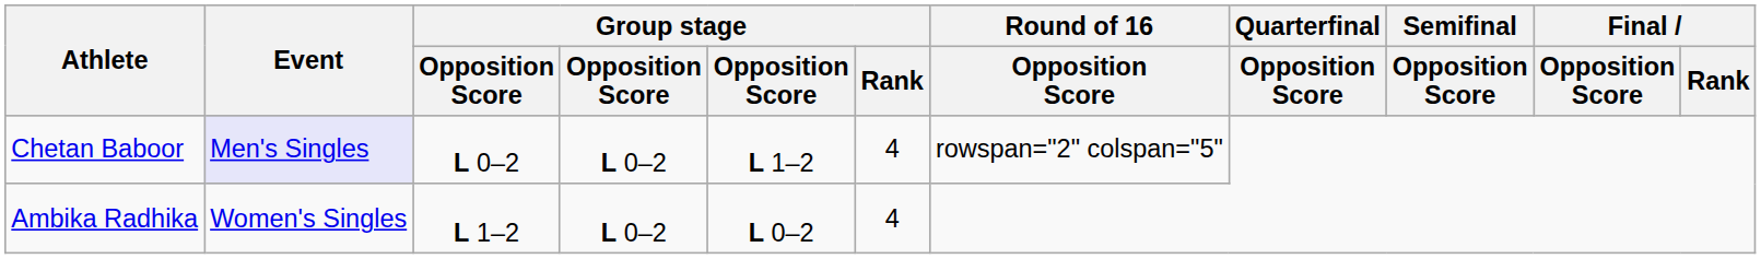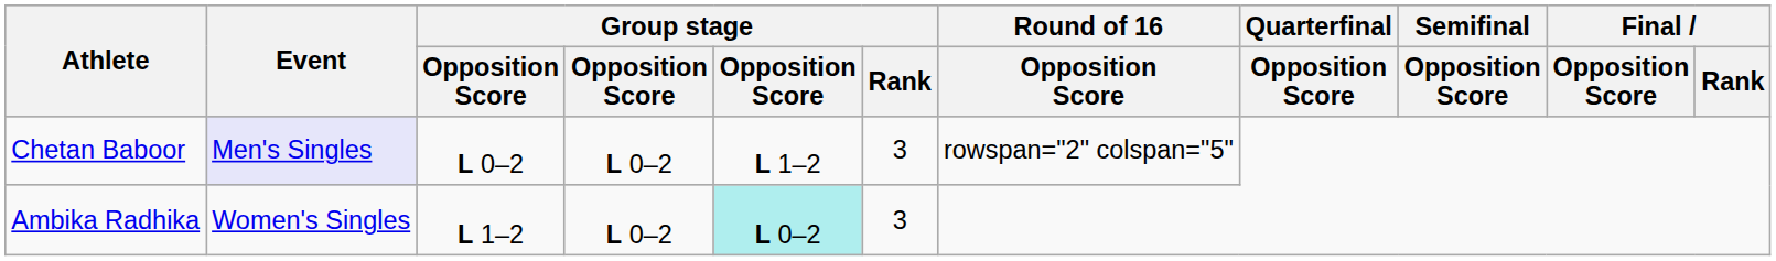 <table class="wikitable" style="font-size:90%">
 <tr>
 <th rowspan=2>Athlete</th>
 <th rowspan=2>Event</th>
 <th colspan=4>Group stage</th>
 <th>Round of 16</th>
 <th>Quarterfinal</th>
 <th>Semifinal</th>
 <th colspan=2>Final / </th>
 </tr>
 <tr>
 <th>Opposition<br>Score</th>
 <th>Opposition<br>Score</th>
 <th>Opposition<br>Score</th>
 <th>Rank</th>
 <th>Opposition<br>Score</th>
 <th>Opposition<br>Score</th>
 <th>Opposition<br>Score</th>
 <th>Opposition<br>Score</th>
 <th>Rank</th>
 </tr>
 <tr align="center">
 <td align=left><a href='#'>Chetan Baboor</a></td>
 <td align=left style="background: lavender;"><a href='#'>Men's Singles</a></td>
 <td><br> <strong>L</strong> 0–2</td>
 <td><br> <strong>L</strong> 0–2</td>
 <td><br> <strong>L</strong> 1–2</td>
-<td>4</td>
+<td>3</td>
 <td>rowspan="2" colspan="5" </td>
 </tr>
 <tr align="center">
 <td align=left><a href='#'>Ambika Radhika</a></td>
 <td align=left><a href='#'>Women's Singles</a></td>
 <td><br> <strong>L</strong> 1–2</td>
 <td><br> <strong>L</strong> 0–2</td>
-<td><br> <strong>L</strong> 0–2</td>
-<td>4</td>
+<td style="background: paleturquoise;"><br> <strong>L</strong> 0–2</td>
+<td>3</td>
 </tr>
 </table>
